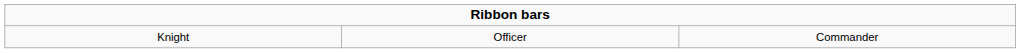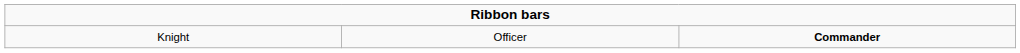 <table align=center class=wikitable width=60% style="margin:1em auto;">
 <tr>
 <td colspan=3 style="text-align:center;"><strong>Ribbon bars</strong></td>
 </tr>
 <tr>
 <td width=20% valign=top align=center><small>Knight</small></td>
 <td width=20% valign=top align=center><small>Officer</small></td>
-<td width=20% valign=top align=center><small>Commander</small></td>
+<td width=20% valign=top align=center><strong><small>Commander</small></strong></td>
 </tr>
 </table>
